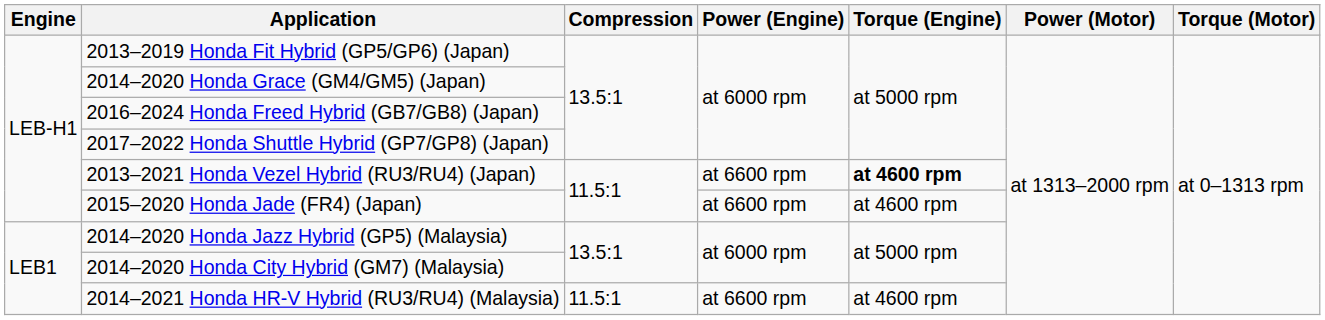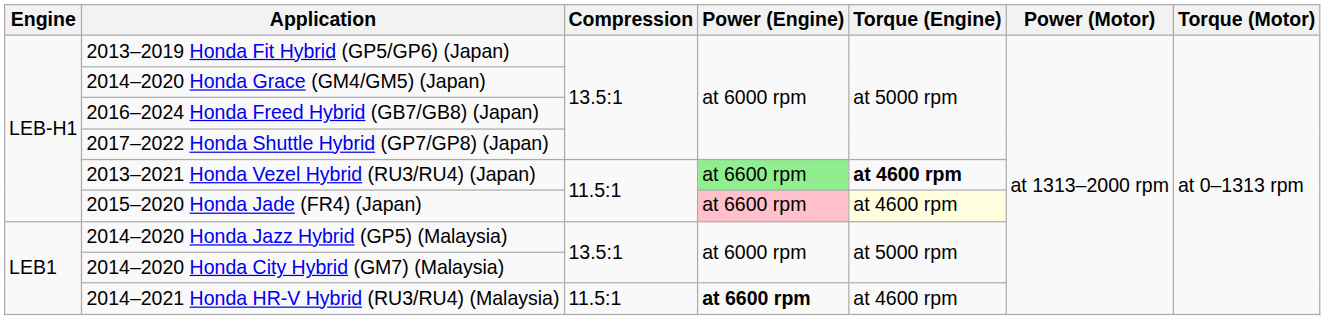 <table class="wikitable">
 <tr>
 <th>Engine</th>
 <th>Application</th>
 <th>Compression</th>
 <th>Power (Engine)</th>
 <th>Torque (Engine)</th>
 <th>Power (Motor)</th>
 <th>Torque (Motor)</th>
 </tr>
 <tr>
 <td rowspan="6">LEB-H1</td>
 <td>2013–2019 <a href='#'>Honda Fit Hybrid</a> (GP5/GP6) (Japan)</td>
 <td rowspan="4">13.5:1</td>
 <td rowspan="4"> at 6000 rpm</td>
 <td rowspan="4"> at 5000 rpm</td>
 <td rowspan="9"><br>at 1313–2000 rpm</td>
 <td rowspan="9"><br>at 0–1313 rpm</td>
 </tr>
 <tr>
 <td>2014–2020 <a href='#'>Honda Grace</a> (GM4/GM5) (Japan)</td>
 </tr>
 <tr>
 <td>2016–2024 <a href='#'>Honda Freed Hybrid</a> (GB7/GB8) (Japan)</td>
 </tr>
 <tr>
 <td>2017–2022 <a href='#'>Honda Shuttle Hybrid</a> (GP7/GP8) (Japan)</td>
 </tr>
 <tr>
 <td>2013–2021 <a href='#'>Honda Vezel Hybrid</a> (RU3/RU4) (Japan)</td>
 <td rowspan="2">11.5:1</td>
-<td> at 6600 rpm</td>
+<td style="background: lightgreen;"> at 6600 rpm</td>
 <td><strong> at 4600 rpm</strong></td>
 </tr>
 <tr>
 <td>2015–2020 <a href='#'>Honda Jade</a> (FR4) (Japan)</td>
-<td> at 6600 rpm</td>
-<td> at 4600 rpm</td>
+<td style="background: pink;"> at 6600 rpm</td>
+<td style="background: lightyellow;"> at 4600 rpm</td>
 </tr>
 <tr>
 <td rowspan="3">LEB1</td>
 <td>2014–2020 <a href='#'>Honda Jazz Hybrid</a> (GP5) (Malaysia)</td>
 <td rowspan="2">13.5:1</td>
 <td rowspan="2"> at 6000 rpm</td>
 <td rowspan="2"> at 5000 rpm</td>
 </tr>
 <tr>
 <td>2014–2020 <a href='#'>Honda City Hybrid</a> (GM7) (Malaysia)</td>
 </tr>
 <tr>
 <td>2014–2021 <a href='#'>Honda HR-V Hybrid</a> (RU3/RU4) (Malaysia)</td>
 <td>11.5:1</td>
-<td> at 6600 rpm</td>
+<td><strong> at 6600 rpm</strong></td>
 <td> at 4600 rpm</td>
 </tr>
 </table>
